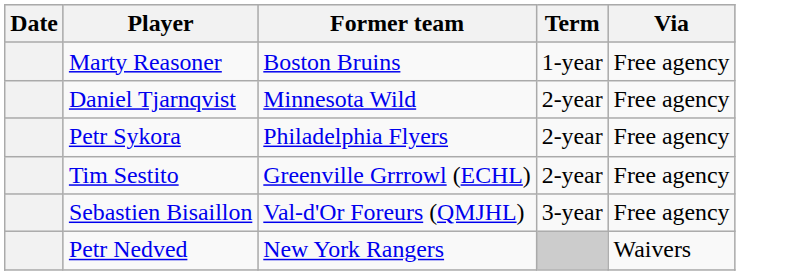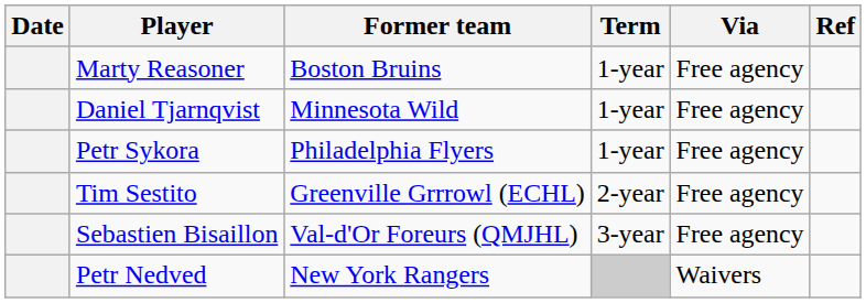 <table class="wikitable plainrowheaders">
 <tr style="background:#ddd; text-align:center;">
 <th>Date</th>
 <th>Player</th>
 <th>Former team</th>
 <th>Term</th>
 <th>Via</th>
+<th>Ref</th>
 </tr>
 <tr>
 <th scope="row"></th>
 <td><a href='#'>Marty Reasoner</a></td>
 <td><a href='#'>Boston Bruins</a></td>
 <td>1-year</td>
 <td>Free agency</td>
+<td></td>
 </tr>
 <tr>
 <th scope="row"></th>
 <td><a href='#'>Daniel Tjarnqvist</a></td>
 <td><a href='#'>Minnesota Wild</a></td>
-<td>2-year</td>
+<td>1-year</td>
 <td>Free agency</td>
+<td></td>
 </tr>
 <tr>
 <th scope="row"></th>
 <td><a href='#'>Petr Sykora</a></td>
 <td><a href='#'>Philadelphia Flyers</a></td>
-<td>2-year</td>
+<td>1-year</td>
 <td>Free agency</td>
+<td></td>
 </tr>
 <tr>
 <th scope="row"></th>
 <td><a href='#'>Tim Sestito</a></td>
 <td><a href='#'>Greenville Grrrowl</a> (<a href='#'>ECHL</a>)</td>
 <td>2-year</td>
 <td>Free agency</td>
+<td></td>
 </tr>
 <tr>
 <th scope="row"></th>
 <td><a href='#'>Sebastien Bisaillon</a></td>
 <td><a href='#'>Val-d'Or Foreurs</a> (<a href='#'>QMJHL</a>)</td>
 <td>3-year</td>
 <td>Free agency</td>
+<td></td>
 </tr>
 <tr>
 <th scope="row"></th>
 <td><a href='#'>Petr Nedved</a></td>
 <td><a href='#'>New York Rangers</a></td>
 <td style="background:#ccc"></td>
 <td>Waivers</td>
+<td></td>
 </tr>
 </table>
